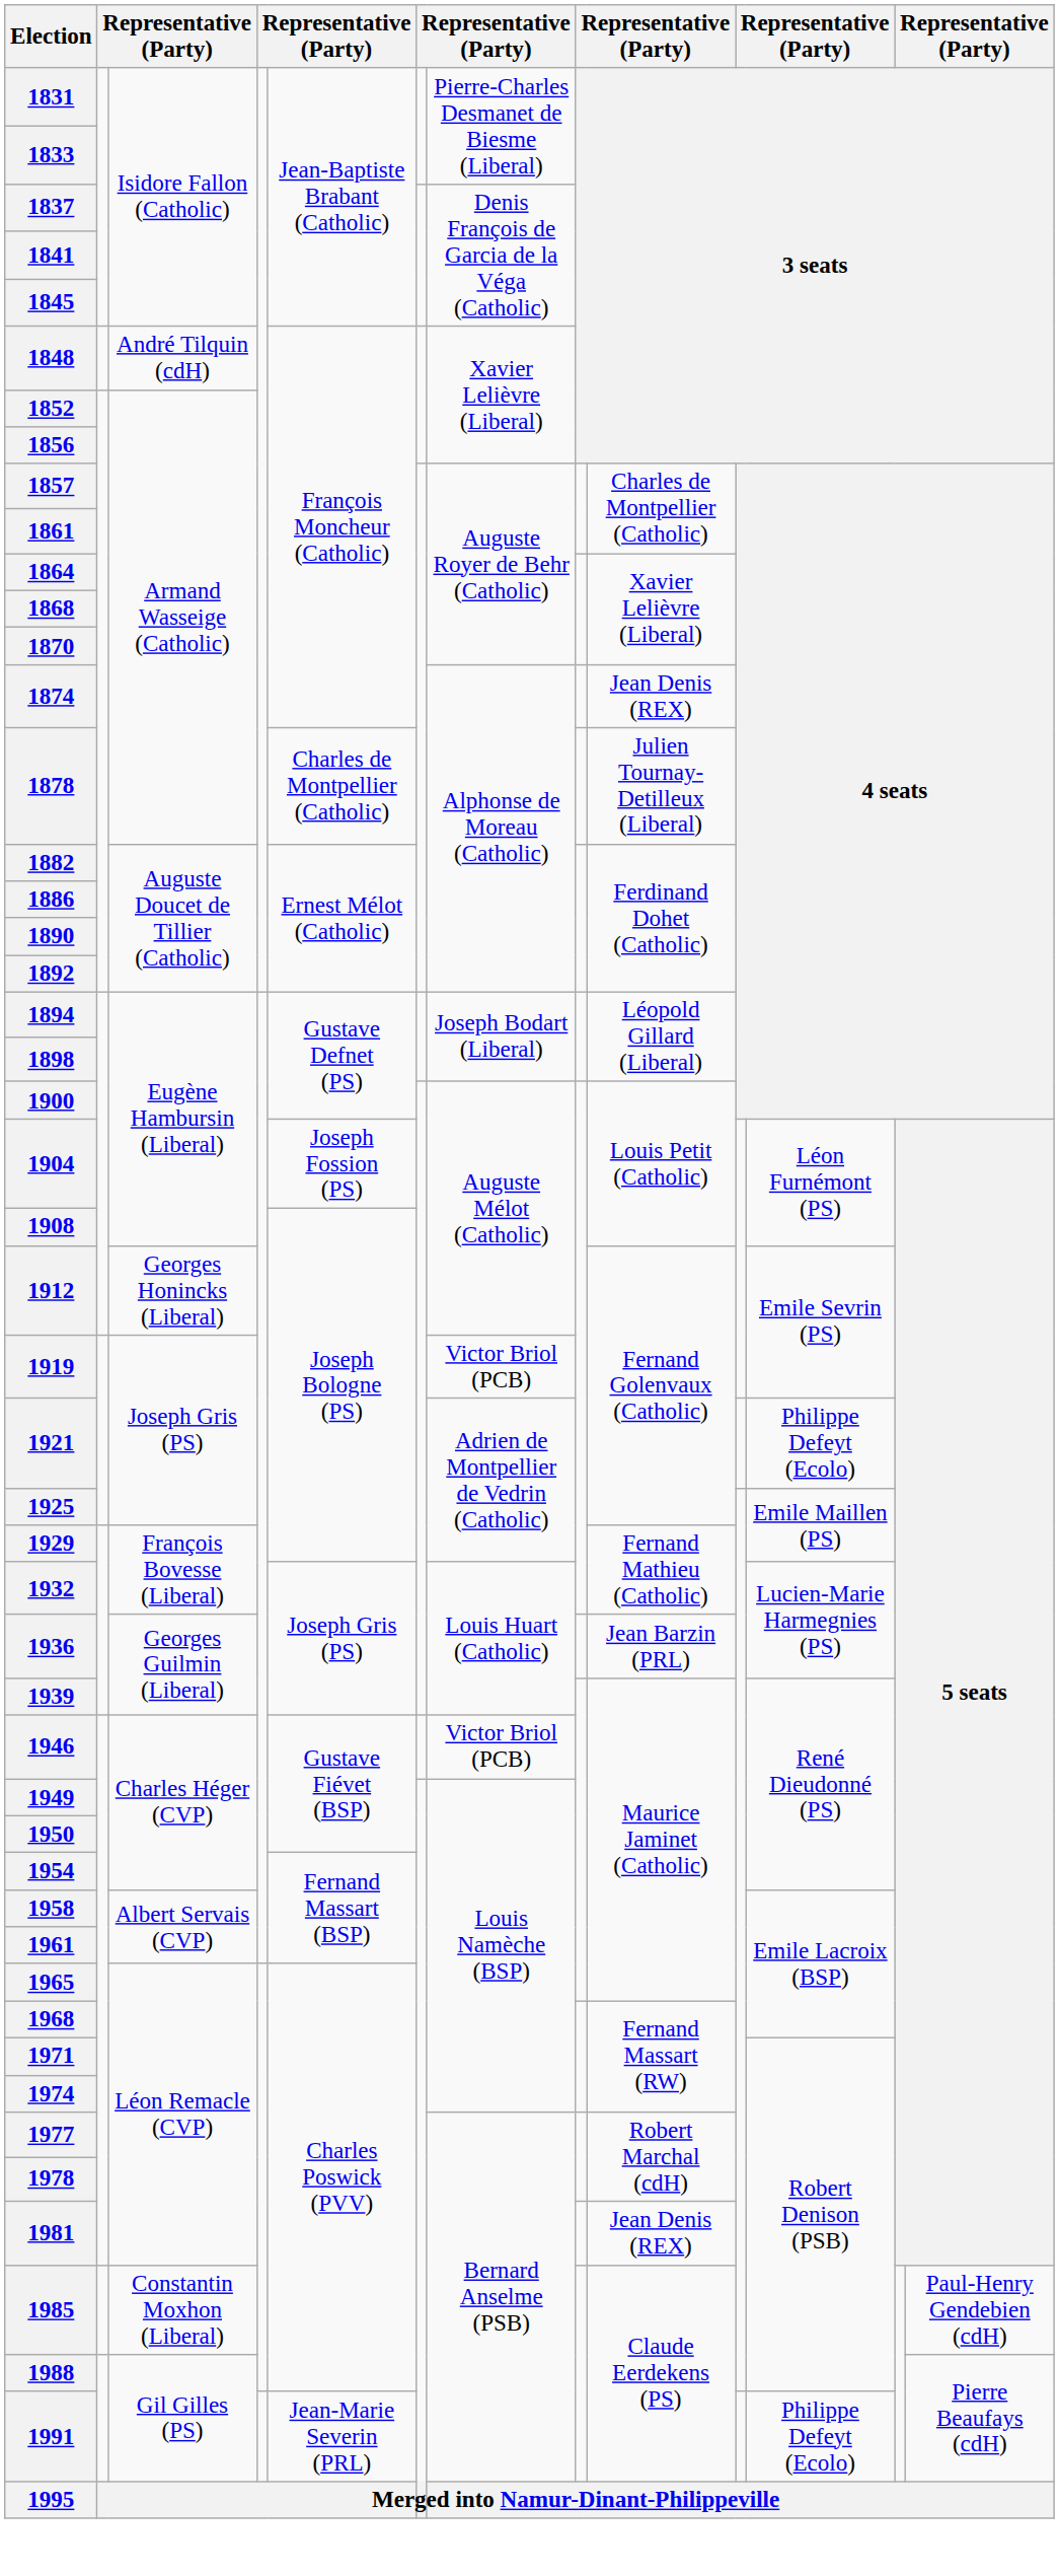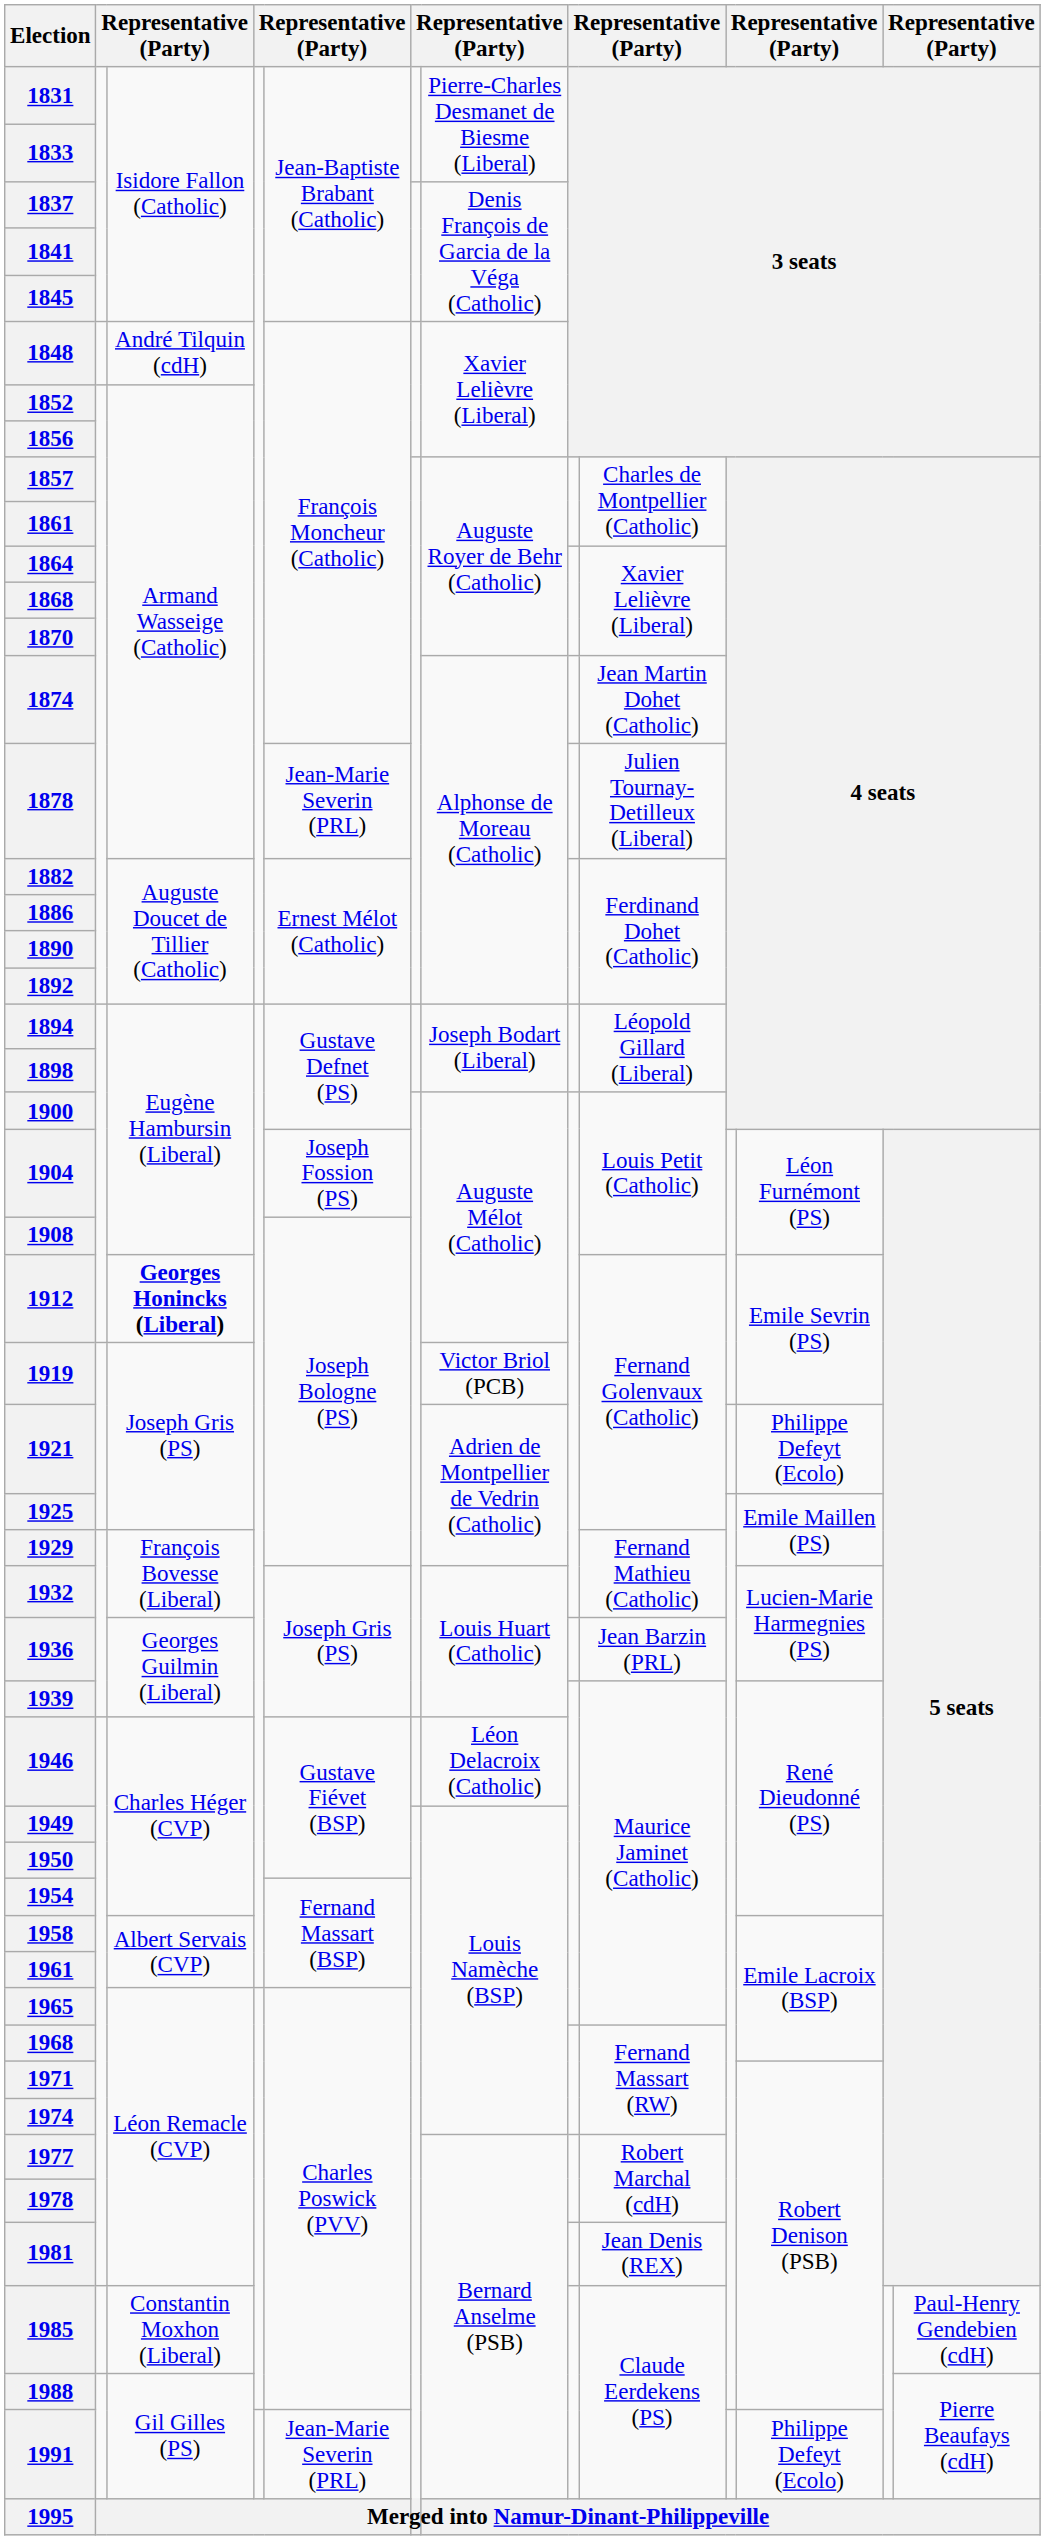 <table class="wikitable" style="text-align:center">
 <tr>
 <th>Election</th>
 <th colspan=2>Representative<br>(Party)</th>
 <th colspan=2>Representative<br>(Party)</th>
 <th colspan=2>Representative<br>(Party)</th>
 <th colspan=2>Representative<br>(Party)</th>
 <th colspan=2>Representative<br>(Party)</th>
 <th colspan=2>Representative<br>(Party)</th>
 </tr>
 <tr>
 <th><a href='#'>1831</a></th>
 <td rowspan=5; style="background-color: "></td>
 <td rowspan=5><a href='#'>Isidore Fallon</a><br>(<a href='#'>Catholic</a>)</td>
 <td rowspan=19; style="background-color: "></td>
 <td rowspan=5><a href='#'>Jean-Baptiste Brabant</a><br>(<a href='#'>Catholic</a>)</td>
 <td rowspan=2; style="background-color: "></td>
 <td rowspan=2><a href='#'>Pierre-Charles Desmanet de Biesme</a><br>(<a href='#'>Liberal</a>)</td>
 <th colspan=6; rowspan=8>3 seats</th>
 </tr>
 <tr>
 <th><a href='#'>1833</a></th>
 </tr>
 <tr>
 <th><a href='#'>1837</a></th>
 <td rowspan=3; style="background-color: "></td>
 <td rowspan=3><a href='#'>Denis François de Garcia de la Véga</a><br>(<a href='#'>Catholic</a>)</td>
 </tr>
 <tr>
 <th><a href='#'>1841</a></th>
 </tr>
 <tr>
 <th><a href='#'>1845</a></th>
 </tr>
 <tr>
 <th><a href='#'>1848</a></th>
 <td rowspan=1; style="background-color: "></td>
 <td rowspan=1><a href='#'>André Tilquin</a><br>(<a href='#'>cdH</a>)</td>
 <td rowspan=9><a href='#'>François Moncheur</a><br>(<a href='#'>Catholic</a>)</td>
 <td rowspan=3; style="background-color: "></td>
 <td rowspan=3><a href='#'>Xavier Lelièvre</a><br>(<a href='#'>Liberal</a>)</td>
 </tr>
 <tr>
 <th><a href='#'>1852</a></th>
 <td rowspan=13; style="background-color: "></td>
 <td rowspan=9><a href='#'>Armand Wasseige</a><br>(<a href='#'>Catholic</a>)</td>
 </tr>
 <tr>
 <th><a href='#'>1856</a></th>
 </tr>
 <tr>
 <th><a href='#'>1857</a></th>
 <td rowspan=11; style="background-color: "></td>
 <td rowspan=5><a href='#'>Auguste Royer de Behr</a><br>(<a href='#'>Catholic</a>)</td>
 <td rowspan=2; style="background-color: "></td>
 <td rowspan=2><a href='#'>Charles de Montpellier</a><br>(<a href='#'>Catholic</a>)</td>
 <th colspan=4; rowspan=14>4 seats</th>
 </tr>
 <tr>
 <th><a href='#'>1861</a></th>
 </tr>
 <tr>
 <th><a href='#'>1864</a></th>
 <td rowspan=3; style="background-color: "></td>
 <td rowspan=3><a href='#'>Xavier Lelièvre</a><br>(<a href='#'>Liberal</a>)</td>
 </tr>
 <tr>
 <th><a href='#'>1868</a></th>
 </tr>
 <tr>
 <th><a href='#'>1870</a></th>
 </tr>
 <tr>
 <th><a href='#'>1874</a></th>
 <td rowspan=6><a href='#'>Alphonse de Moreau</a><br>(<a href='#'>Catholic</a>)</td>
 <td rowspan=1; style="background-color: "></td>
-<td rowspan=1><a href='#'>Jean Denis</a><br>(<a href='#'>REX</a>)</td>
+<td rowspan=1><a href='#'>Jean Martin Dohet</a><br>(<a href='#'>Catholic</a>)</td>
 </tr>
 <tr>
 <th><a href='#'>1878</a></th>
-<td rowspan=1><a href='#'>Charles de Montpellier</a><br>(<a href='#'>Catholic</a>)</td>
+<td rowspan=1><a href='#'>Jean-Marie Severin</a><br>(<a href='#'>PRL</a>)</td>
 <td rowspan=1; style="background-color: "></td>
 <td rowspan=1><a href='#'>Julien Tournay-Detilleux</a><br>(<a href='#'>Liberal</a>)</td>
 </tr>
 <tr>
 <th><a href='#'>1882</a></th>
 <td rowspan=4><a href='#'>Auguste Doucet de Tillier</a><br>(<a href='#'>Catholic</a>)</td>
 <td rowspan=4><a href='#'>Ernest Mélot</a><br>(<a href='#'>Catholic</a>)</td>
 <td rowspan=4; style="background-color: "></td>
 <td rowspan=4><a href='#'>Ferdinand Dohet</a><br>(<a href='#'>Catholic</a>)</td>
 </tr>
 <tr>
 <th><a href='#'>1886</a></th>
 </tr>
 <tr>
 <th><a href='#'>1890</a></th>
 </tr>
 <tr>
 <th><a href='#'>1892</a></th>
 </tr>
 <tr>
 <th><a href='#'>1894</a></th>
 <td rowspan=6; style="background-color: "></td>
 <td rowspan=5><a href='#'>Eugène Hambursin</a><br>(<a href='#'>Liberal</a>)</td>
 <td rowspan=19; style="background-color: "></td>
 <td rowspan=3><a href='#'>Gustave Defnet</a><br>(<a href='#'>PS</a>)</td>
 <td rowspan=2; style="background-color: "></td>
 <td rowspan=2><a href='#'>Joseph Bodart</a><br>(<a href='#'>Liberal</a>)</td>
 <td rowspan=2; style="background-color: "></td>
 <td rowspan=2><a href='#'>Léopold Gillard</a><br>(<a href='#'>Liberal</a>)</td>
 </tr>
 <tr>
 <th><a href='#'>1898</a></th>
 </tr>
 <tr>
 <th><a href='#'>1900</a></th>
 <td rowspan=11; style="background-color: "></td>
 <td rowspan=4><a href='#'>Auguste Mélot</a><br>(<a href='#'>Catholic</a>)</td>
 <td rowspan=9; style="background-color: "></td>
 <td rowspan=3><a href='#'>Louis Petit</a><br>(<a href='#'>Catholic</a>)</td>
 </tr>
 <tr>
 <th><a href='#'>1904</a></th>
 <td rowspan=1><a href='#'>Joseph Fossion</a><br>(<a href='#'>PS</a>)</td>
 <td rowspan=4; style="background-color: "></td>
 <td rowspan=2><a href='#'>Léon Furnémont</a><br>(<a href='#'>PS</a>)</td>
 <th colspan=2; rowspan=23>5 seats</th>
 </tr>
 <tr>
 <th><a href='#'>1908</a></th>
 <td rowspan=6><a href='#'>Joseph Bologne</a><br>(<a href='#'>PS</a>)</td>
 </tr>
 <tr>
 <th><a href='#'>1912</a></th>
-<td rowspan=1><a href='#'>Georges Honincks</a><br>(<a href='#'>Liberal</a>)</td>
+<td rowspan=1><strong><a href='#'>Georges Honincks</a><br>(<a href='#'>Liberal</a>)</strong></td>
 <td rowspan=4><a href='#'>Fernand Golenvaux</a><br>(<a href='#'>Catholic</a>)</td>
 <td rowspan=2><a href='#'>Emile Sevrin</a><br>(<a href='#'>PS</a>)</td>
 </tr>
 <tr>
 <th><a href='#'>1919</a></th>
 <td rowspan=3; style="background-color: "></td>
 <td rowspan=3><a href='#'>Joseph Gris</a><br>(<a href='#'>PS</a>)</td>
 <td rowspan=1><a href='#'>Victor Briol</a><br>(PCB)</td>
 </tr>
 <tr>
 <th><a href='#'>1921</a></th>
 <td rowspan=3><a href='#'>Adrien de Montpellier de Vedrin</a><br>(<a href='#'>Catholic</a>)</td>
 <td rowspan=1; style="background-color: "></td>
 <td rowspan=1><a href='#'>Philippe Defeyt</a><br>(<a href='#'>Ecolo</a>)</td>
 </tr>
 <tr>
 <th><a href='#'>1925</a></th>
 <td rowspan=20; style="background-color: "></td>
 <td rowspan=2><a href='#'>Emile Maillen</a><br>(<a href='#'>PS</a>)</td>
 </tr>
 <tr>
 <th><a href='#'>1929</a></th>
 <td rowspan=4; style="background-color: "></td>
 <td rowspan=2><a href='#'>François Bovesse</a><br>(<a href='#'>Liberal</a>)</td>
 <td rowspan=2><a href='#'>Fernand Mathieu</a><br>(<a href='#'>Catholic</a>)</td>
 </tr>
 <tr>
 <th><a href='#'>1932</a></th>
 <td rowspan=3><a href='#'>Joseph Gris</a><br>(<a href='#'>PS</a>)</td>
 <td rowspan=3><a href='#'>Louis Huart</a><br>(<a href='#'>Catholic</a>)</td>
 <td rowspan=2><a href='#'>Lucien-Marie Harmegnies</a><br>(<a href='#'>PS</a>)</td>
 </tr>
 <tr>
 <th><a href='#'>1936</a></th>
 <td rowspan=2><a href='#'>Georges Guilmin</a><br>(<a href='#'>Liberal</a>)</td>
 <td rowspan=1; style="background-color: "></td>
 <td rowspan=1><a href='#'>Jean Barzin</a><br>(<a href='#'>PRL</a>)</td>
 </tr>
 <tr>
 <th><a href='#'>1939</a></th>
 <td rowspan=8; style="background-color: "></td>
 <td rowspan=8><a href='#'>Maurice Jaminet</a><br>(<a href='#'>Catholic</a>)</td>
 <td rowspan=5><a href='#'>René Dieudonné</a><br>(<a href='#'>PS</a>)</td>
 </tr>
 <tr>
 <th><a href='#'>1946</a></th>
 <td rowspan=13; style="background-color: "></td>
 <td rowspan=4><a href='#'>Charles Héger</a><br>(<a href='#'>CVP</a>)</td>
 <td rowspan=3><a href='#'>Gustave Fiévet</a><br>(<a href='#'>BSP</a>)</td>
 <td rowspan=1; style="background-color: "></td>
-<td rowspan=1><a href='#'>Victor Briol</a><br>(PCB)</td>
+<td rowspan=1><a href='#'>Léon Delacroix</a><br>(<a href='#'>Catholic</a>)</td>
 </tr>
 <tr>
 <th><a href='#'>1949</a></th>
 <td rowspan=16; style="background-color: "></td>
 <td rowspan=9><a href='#'>Louis Namèche</a><br>(<a href='#'>BSP</a>)</td>
 </tr>
 <tr>
 <th><a href='#'>1950</a></th>
 </tr>
 <tr>
 <th><a href='#'>1954</a></th>
 <td rowspan=3><a href='#'>Fernand Massart</a><br>(<a href='#'>BSP</a>)</td>
 </tr>
 <tr>
 <th><a href='#'>1958</a></th>
 <td rowspan=2><a href='#'>Albert Servais</a><br>(<a href='#'>CVP</a>)</td>
 <td rowspan=4><a href='#'>Emile Lacroix</a><br>(<a href='#'>BSP</a>)</td>
 </tr>
 <tr>
 <th><a href='#'>1961</a></th>
 </tr>
 <tr>
 <th><a href='#'>1965</a></th>
 <td rowspan=7><a href='#'>Léon Remacle</a><br>(<a href='#'>CVP</a>)</td>
 <td rowspan=9; style="background-color: "></td>
 <td rowspan=9><a href='#'>Charles Poswick</a><br>(<a href='#'>PVV</a>)</td>
 </tr>
 <tr>
 <th><a href='#'>1968</a></th>
 <td rowspan=3; style="background-color: "></td>
 <td rowspan=3><a href='#'>Fernand Massart</a><br>(<a href='#'>RW</a>)</td>
 </tr>
 <tr>
 <th><a href='#'>1971</a></th>
 <td rowspan=7><a href='#'>Robert Denison</a><br>(PSB)</td>
 </tr>
 <tr>
 <th><a href='#'>1974</a></th>
 </tr>
 <tr>
 <th><a href='#'>1977</a></th>
 <td rowspan=6><a href='#'>Bernard Anselme</a><br>(PSB)</td>
 <td rowspan=2; style="background-color: "></td>
 <td rowspan=2><a href='#'>Robert Marchal</a><br>(<a href='#'>cdH</a>)</td>
 </tr>
 <tr>
 <th><a href='#'>1978</a></th>
 </tr>
 <tr>
 <th><a href='#'>1981</a></th>
 <td rowspan=1; style="background-color: "></td>
 <td rowspan=1><a href='#'>Jean Denis</a><br>(<a href='#'>REX</a>)</td>
 </tr>
 <tr>
 <th><a href='#'>1985</a></th>
 <td rowspan=1; style="background-color: "></td>
 <td rowspan=1><a href='#'>Constantin Moxhon</a><br>(<a href='#'>Liberal</a>)</td>
 <td rowspan=3; style="background-color: "></td>
 <td rowspan=3><a href='#'>Claude Eerdekens</a><br>(<a href='#'>PS</a>)</td>
 <td rowspan=3; style="background-color: "></td>
 <td rowspan=1><a href='#'>Paul-Henry Gendebien</a><br>(<a href='#'>cdH</a>)</td>
 </tr>
 <tr>
 <th><a href='#'>1988</a></th>
 <td rowspan=2; style="background-color: "></td>
 <td rowspan=2><a href='#'>Gil Gilles</a><br>(<a href='#'>PS</a>)</td>
 <td rowspan=2><a href='#'>Pierre Beaufays</a><br>(<a href='#'>cdH</a>)</td>
 </tr>
 <tr>
 <th><a href='#'>1991</a></th>
 <td rowspan=1; style="background-color: "></td>
 <td rowspan=1><a href='#'>Jean-Marie Severin</a><br>(<a href='#'>PRL</a>)</td>
 <td rowspan=1; style="background-color: "></td>
 <td rowspan=1><a href='#'>Philippe Defeyt</a><br>(<a href='#'>Ecolo</a>)</td>
 </tr>
 <tr>
 <th><a href='#'>1995</a></th>
 <th colspan=12>Merged into <a href='#'>Namur-Dinant-Philippeville</a></th>
 </tr>
 </table>
